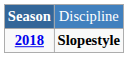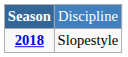 <table class="wikitable" style="font-size:95%; text-align:center; border:grey solid 1px; border-collapse:collapse;" width="15%">
 <tr style="background-color:#369; color:white;">
 <td rowspan="2" colspan="1" width="5%"><strong>Season</strong></td>
 </tr>
 <tr style="background-color:#4180be; color:white;">
 <td width="10%">Discipline</td>
 </tr>
 <tr>
 <td rowspan="1"><strong><a href='#'>2018</a></strong></td>
-<td><strong>Slopestyle</strong></td>
+<td>Slopestyle</td>
 </tr>
 </table>
